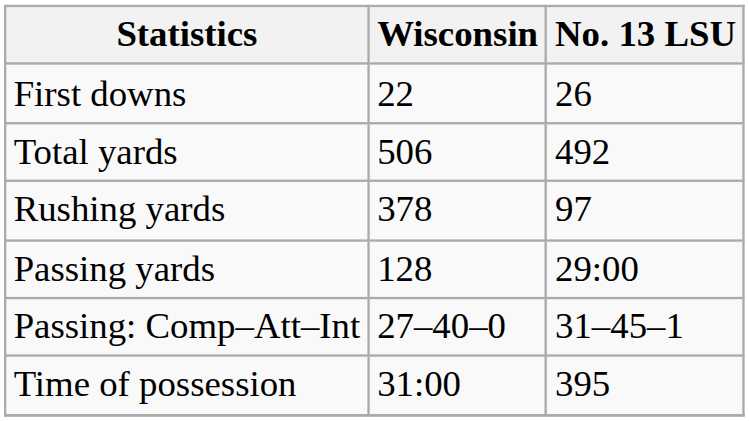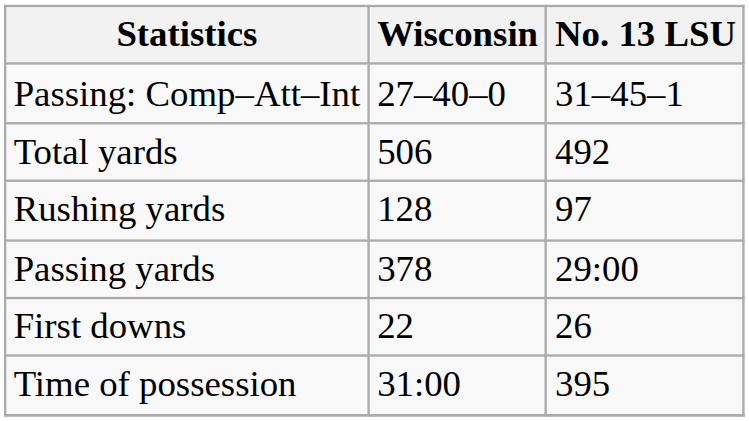 <table class="wikitable" style="float: left;">
 <tr>
 <th>Statistics</th>
 <th>Wisconsin</th>
 <th>No. 13 LSU</th>
 </tr>
 <tr>
-<td>First downs</td>
-<td>22</td>
-<td>26</td>
+<td>Passing: Comp–Att–Int</td>
+<td>27–40–0</td>
+<td>31–45–1</td>
 </tr>
 <tr>
 <td>Total yards</td>
 <td>506</td>
 <td>492</td>
 </tr>
 <tr>
 <td>Rushing yards</td>
-<td>378</td>
+<td>128</td>
 <td>97</td>
 </tr>
 <tr>
 <td>Passing yards</td>
-<td>128</td>
+<td>378</td>
 <td>29:00</td>
 </tr>
 <tr>
-<td>Passing: Comp–Att–Int</td>
-<td>27–40–0</td>
-<td>31–45–1</td>
+<td>First downs</td>
+<td>22</td>
+<td>26</td>
 </tr>
 <tr>
 <td>Time of possession</td>
 <td>31:00</td>
 <td>395</td>
 </tr>
 <tr>
 </tr>
 </table>
